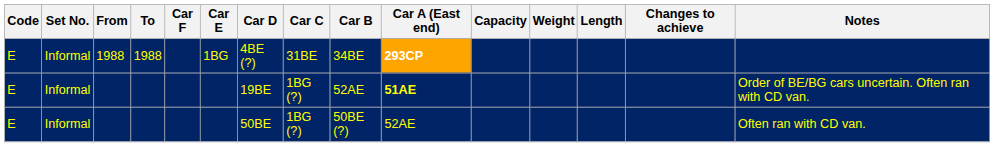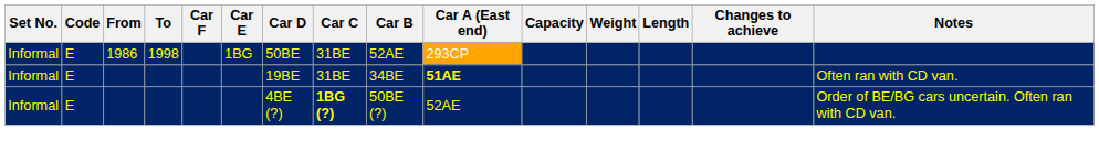 <table class="wikitable sortable">
 <tr bgcolor="#FFFFFF">
+<th>Set No.</th>
 <th>Code</th>
-<th>Set No.</th>
 <th>From</th>
 <th>To</th>
 <th>Car F</th>
 <th>Car E</th>
 <th>Car D</th>
 <th>Car C</th>
 <th>Car B</th>
 <th>Car A (East end)</th>
 <th>Capacity</th>
 <th>Weight</th>
 <th>Length</th>
 <th>Changes to achieve</th>
 <th>Notes</th>
 </tr>
 <tr style="background: #002466; color: #FFFF00">
+<td>Informal</td>
 <td>E</td>
-<td>Informal</td>
-<td>1988</td>
-<td>1988</td>
+<td>1986</td>
+<td>1998</td>
 <td></td>
 <td>1BG</td>
-<td>4BE (?)</td>
+<td>50BE</td>
 <td>31BE</td>
-<td>34BE</td>
-<td style="background: #FFA500; color: white"><strong>293CP</strong></td>
+<td>52AE</td>
+<td style="background: #FFA500; color: white">293CP</td>
 <td></td>
 <td></td>
 <td></td>
 <td></td>
 <td></td>
 </tr>
 <tr style="background: #002466; color: #FFFF00">
+<td>Informal</td>
 <td>E</td>
-<td>Informal</td>
 <td></td>
 <td></td>
 <td></td>
 <td></td>
 <td>19BE</td>
-<td>1BG (?)</td>
+<td>31BE</td>
+<td>34BE</td>
+<td><strong>51AE</strong></td>
+<td></td>
+<td></td>
+<td></td>
+<td></td>
+<td>Often ran with CD van.</td>
+</tr>
+<tr style="background: #002466; color: #FFFF00">
+<td>Informal</td>
+<td>E</td>
+<td></td>
+<td></td>
+<td></td>
+<td></td>
+<td>4BE (?)</td>
+<td><strong>1BG (?)</strong></td>
+<td>50BE (?)</td>
 <td>52AE</td>
-<td><strong>51AE</strong></td>
 <td></td>
 <td></td>
 <td></td>
 <td></td>
 <td>Order of BE/BG cars uncertain. Often ran with CD van.</td>
 </tr>
-<tr style="background: #002466; color: #FFFF00">
-<td>E</td>
-<td>Informal</td>
-<td></td>
-<td></td>
-<td></td>
-<td></td>
-<td>50BE</td>
-<td>1BG (?)</td>
-<td>50BE (?)</td>
-<td>52AE</td>
-<td></td>
-<td></td>
-<td></td>
-<td></td>
-<td>Often ran with CD van.</td>
-</tr>
 </table>
